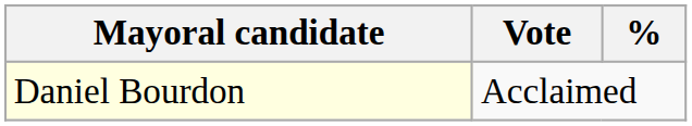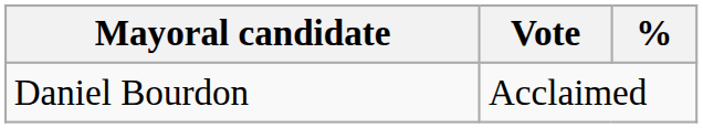 <table class="wikitable">
 <tr>
 <th bgcolor="#DDDDFF" width="200px">Mayoral candidate</th>
 <th bgcolor="#DDDDFF" width="50px">Vote</th>
 <th bgcolor="#DDDDFF"  width="30px">%</th>
 </tr>
 <tr>
-<td style="background: lightyellow;">Daniel Bourdon</td>
+<td>Daniel Bourdon</td>
 <td colspan="2">Acclaimed</td>
 </tr>
 </table>
